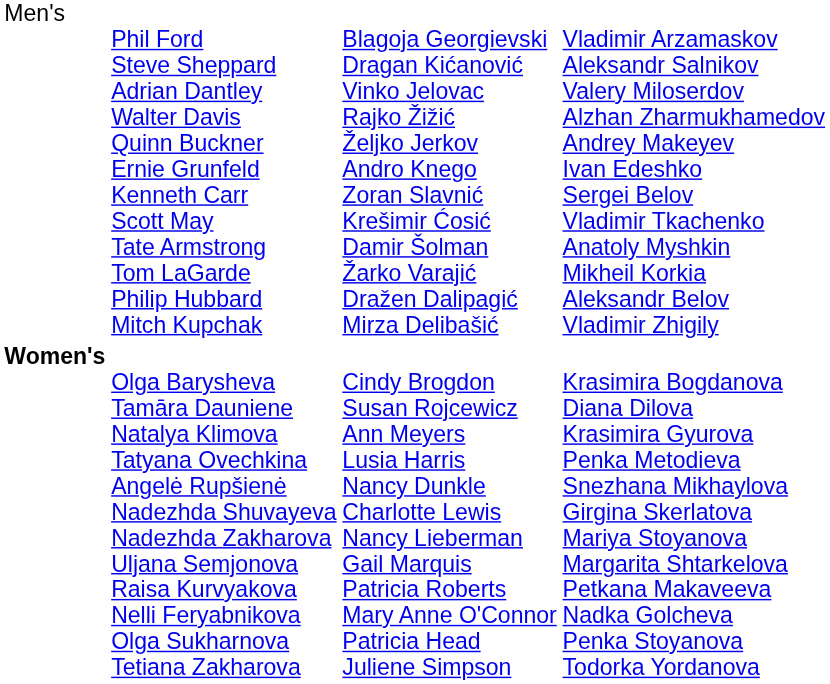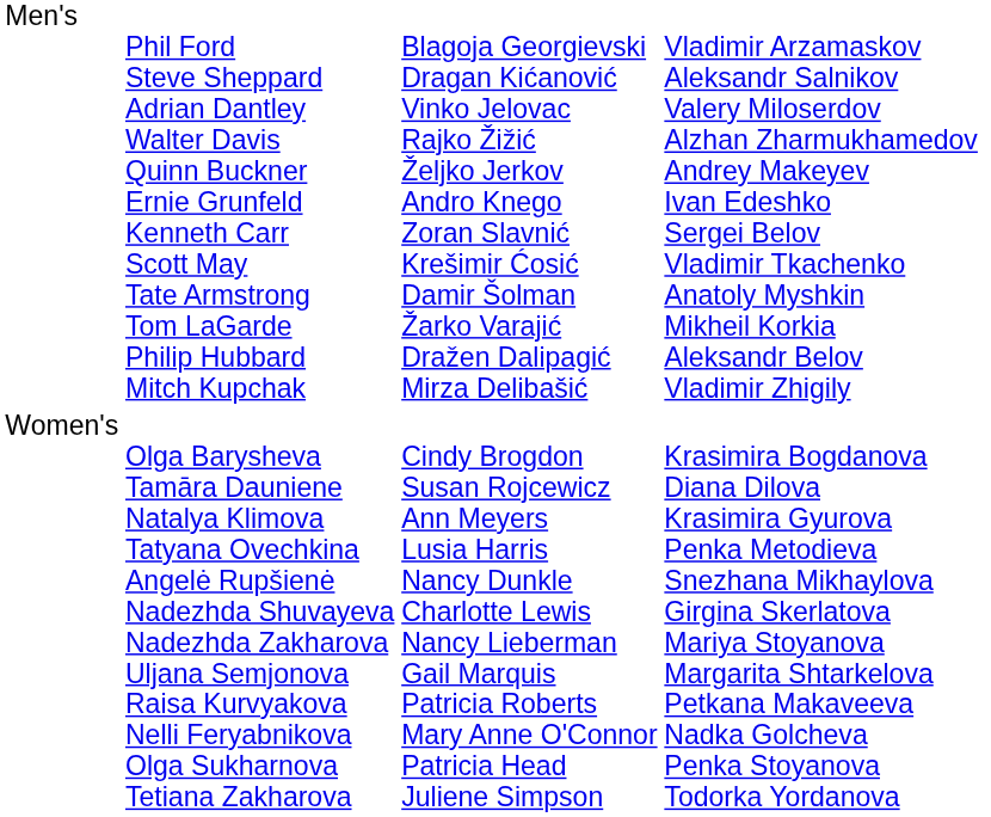 <table>
 <tr valign=top>
 <td>Men's<br></td>
 <td><br><a href='#'>Phil Ford</a><br><a href='#'>Steve Sheppard</a><br><a href='#'>Adrian Dantley</a><br><a href='#'>Walter Davis</a><br><a href='#'>Quinn Buckner</a><br><a href='#'>Ernie Grunfeld</a><br><a href='#'>Kenneth Carr</a><br><a href='#'>Scott May</a><br><a href='#'>Tate Armstrong</a><br><a href='#'>Tom LaGarde</a><br><a href='#'>Philip Hubbard</a><br><a href='#'>Mitch Kupchak</a></td>
 <td><br><a href='#'>Blagoja Georgievski</a><br><a href='#'>Dragan Kićanović</a><br><a href='#'>Vinko Jelovac</a><br><a href='#'>Rajko Žižić</a><br><a href='#'>Željko Jerkov</a><br><a href='#'>Andro Knego</a><br><a href='#'>Zoran Slavnić</a><br><a href='#'>Krešimir Ćosić</a><br><a href='#'>Damir Šolman</a><br><a href='#'>Žarko Varajić</a><br><a href='#'>Dražen Dalipagić</a><br><a href='#'>Mirza Delibašić</a></td>
 <td><br><a href='#'>Vladimir Arzamaskov</a><br><a href='#'>Aleksandr Salnikov</a><br><a href='#'>Valery Miloserdov</a><br><a href='#'>Alzhan Zharmukhamedov</a><br><a href='#'>Andrey Makeyev</a><br><a href='#'>Ivan Edeshko</a><br><a href='#'>Sergei Belov</a><br><a href='#'>Vladimir Tkachenko</a><br><a href='#'>Anatoly Myshkin</a><br><a href='#'>Mikheil Korkia</a><br><a href='#'>Aleksandr Belov</a><br><a href='#'>Vladimir Zhigily</a></td>
 </tr>
 <tr valign=top>
-<td><strong>Women's<br></strong></td>
+<td>Women's<br></td>
 <td><br><a href='#'>Olga Barysheva</a><br><a href='#'>Tamāra Dauniene</a><br><a href='#'>Natalya Klimova</a><br><a href='#'>Tatyana Ovechkina</a><br><a href='#'>Angelė Rupšienė</a><br><a href='#'>Nadezhda Shuvayeva</a><br><a href='#'>Nadezhda Zakharova</a><br><a href='#'>Uljana Semjonova</a><br><a href='#'>Raisa Kurvyakova</a><br><a href='#'>Nelli Feryabnikova</a><br><a href='#'>Olga Sukharnova</a><br><a href='#'>Tetiana Zakharova</a></td>
 <td><br><a href='#'>Cindy Brogdon</a><br><a href='#'>Susan Rojcewicz</a><br><a href='#'>Ann Meyers</a><br><a href='#'>Lusia Harris</a><br><a href='#'>Nancy Dunkle</a><br><a href='#'>Charlotte Lewis</a><br><a href='#'>Nancy Lieberman</a><br><a href='#'>Gail Marquis</a><br><a href='#'>Patricia Roberts</a><br><a href='#'>Mary Anne O'Connor</a><br><a href='#'>Patricia Head</a><br><a href='#'>Juliene Simpson</a></td>
 <td><br><a href='#'>Krasimira Bogdanova</a><br><a href='#'>Diana Dilova</a><br><a href='#'>Krasimira Gyurova</a><br><a href='#'>Penka Metodieva</a><br><a href='#'>Snezhana Mikhaylova</a><br><a href='#'>Girgina Skerlatova</a><br><a href='#'>Mariya Stoyanova</a><br><a href='#'>Margarita Shtarkelova</a><br><a href='#'>Petkana Makaveeva</a><br><a href='#'>Nadka Golcheva</a><br><a href='#'>Penka Stoyanova</a><br><a href='#'>Todorka Yordanova</a></td>
 </tr>
 </table>
